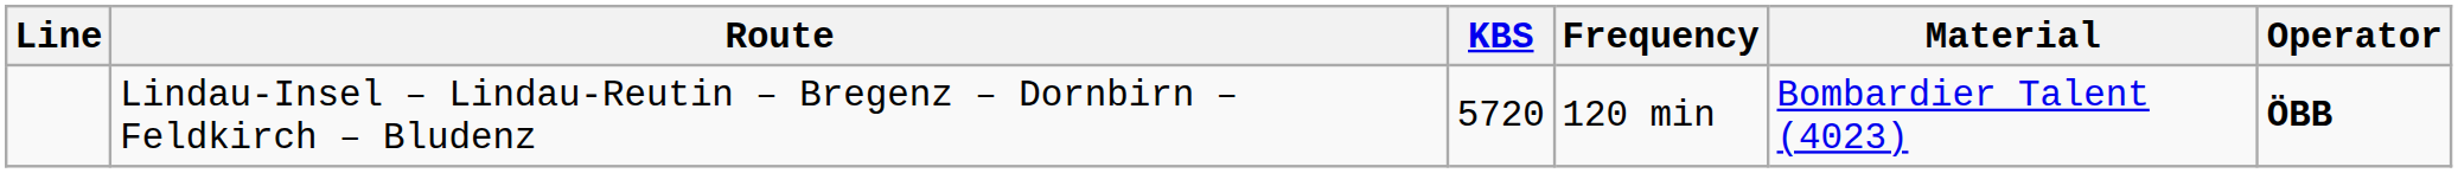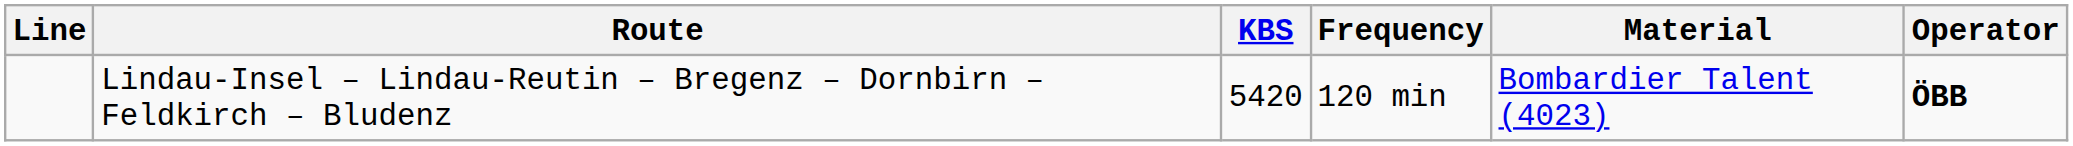 <table class="wikitable sortable" style="">
 <tr>
 <th>Line</th>
 <th>Route</th>
 <th><a href='#'>KBS</a></th>
 <th>Frequency</th>
 <th>Material</th>
 <th>Operator</th>
 </tr>
 <tr>
 <td align="center"></td>
 <td>Lindau-Insel – Lindau-Reutin – Bregenz – Dornbirn – Feldkirch – Bludenz</td>
-<td>5720</td>
+<td>5420</td>
 <td>120 min</td>
 <td><a href='#'>Bombardier Talent (4023)</a></td>
 <td><strong>ÖBB</strong></td>
 </tr>
 </table>
